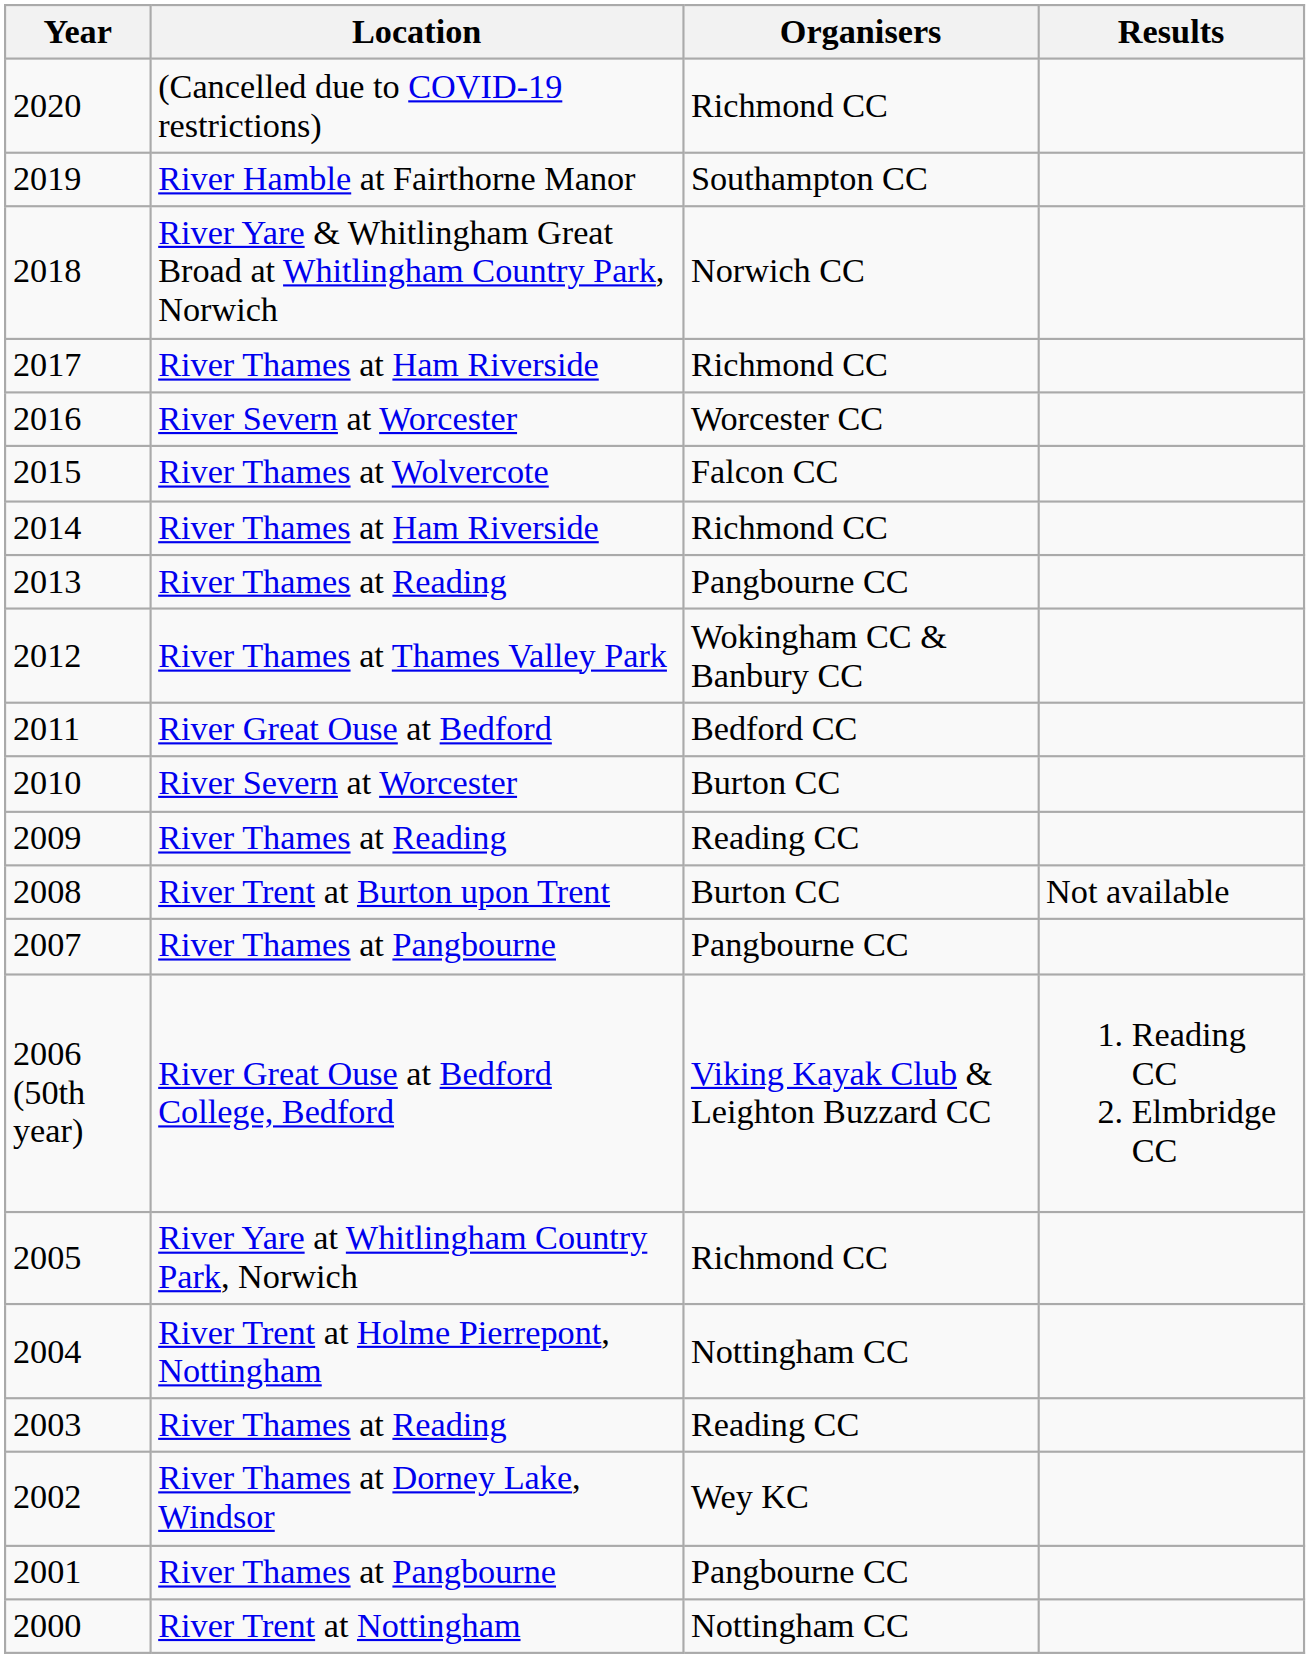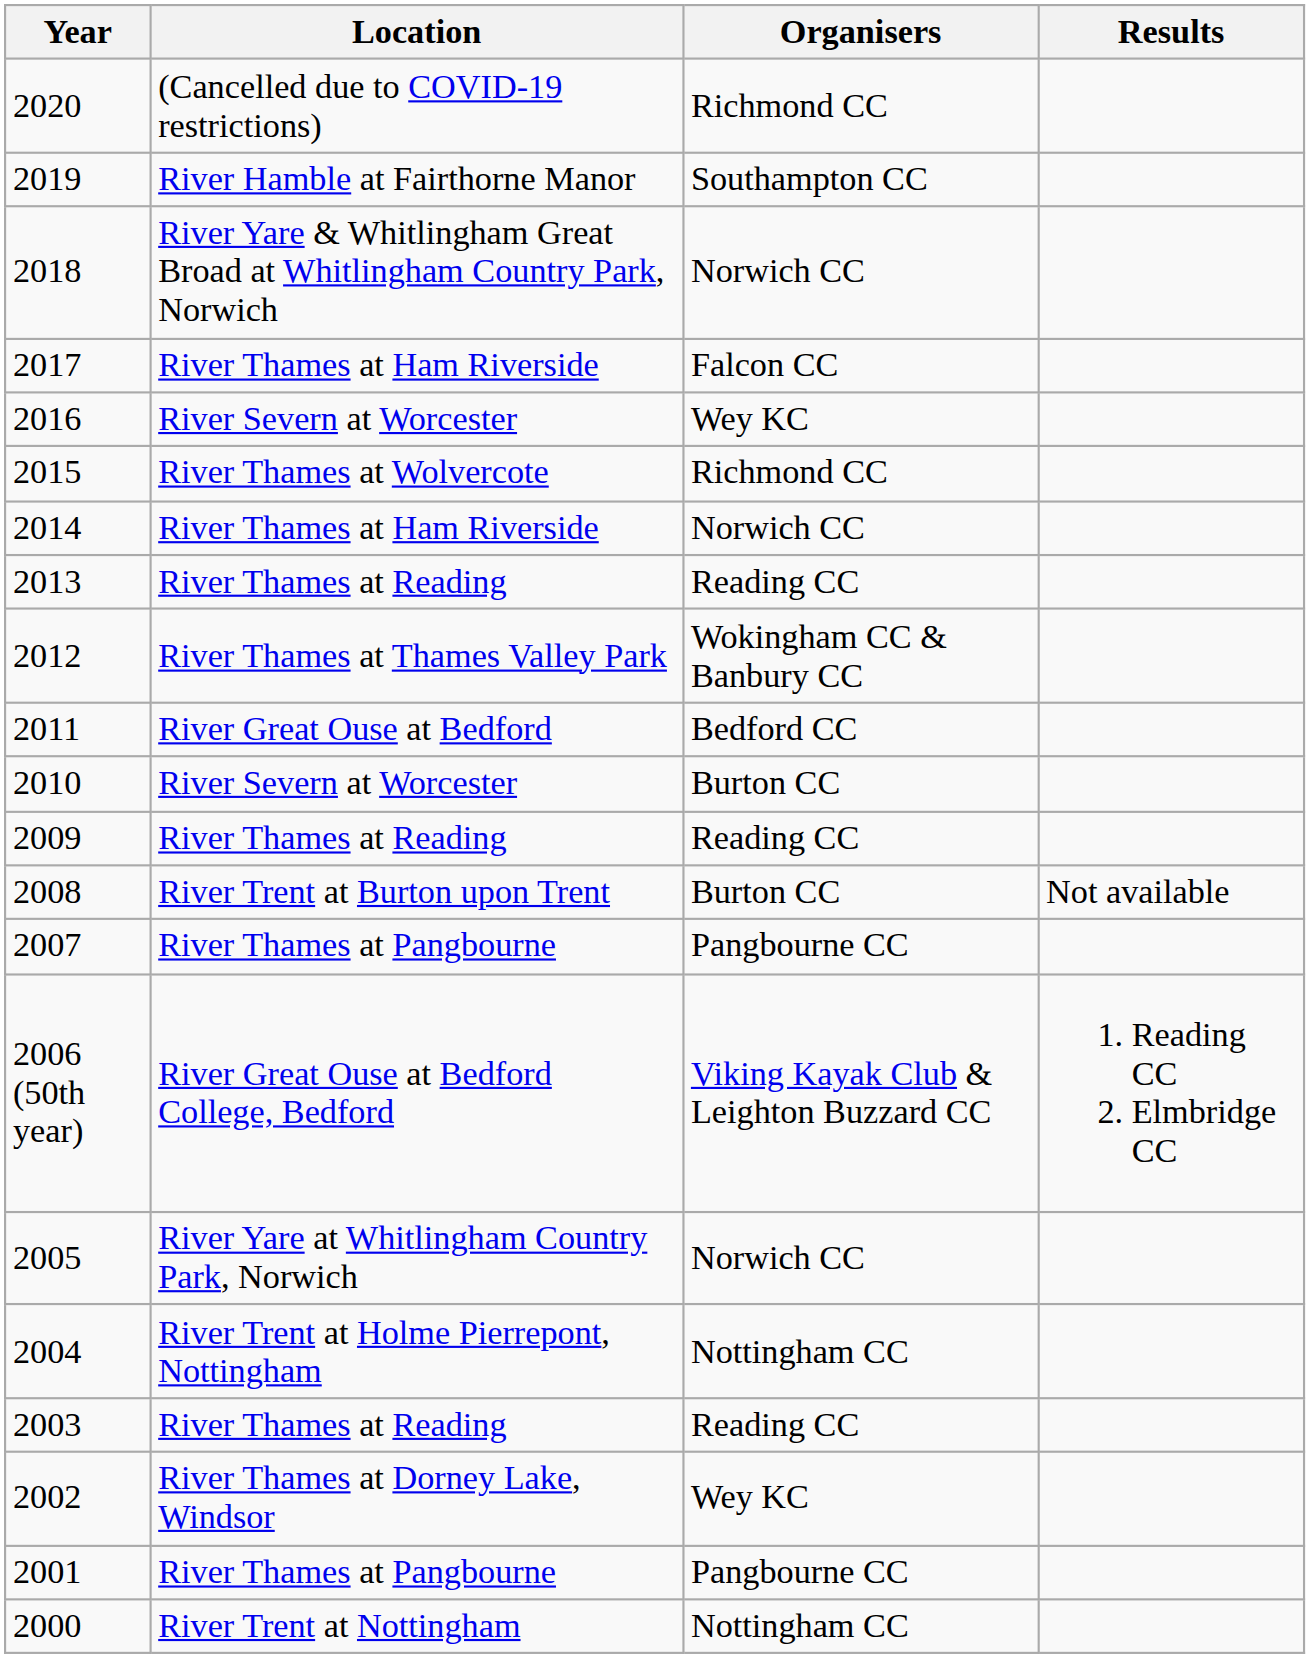 <table class="wikitable">
 <tr>
 <th>Year</th>
 <th>Location</th>
 <th>Organisers</th>
 <th>Results</th>
 </tr>
 <tr>
 <td>2020</td>
 <td>(Cancelled due to <a href='#'>COVID-19</a> restrictions)</td>
 <td>Richmond CC</td>
 <td></td>
 </tr>
 <tr>
 <td>2019</td>
 <td><a href='#'>River Hamble</a> at Fairthorne Manor</td>
 <td>Southampton CC</td>
 <td></td>
 </tr>
 <tr>
 <td>2018</td>
 <td><a href='#'>River Yare</a> & Whitlingham Great Broad at <a href='#'>Whitlingham Country Park</a>, Norwich</td>
 <td>Norwich CC</td>
 <td></td>
 </tr>
 <tr>
 <td>2017</td>
 <td><a href='#'>River Thames</a> at <a href='#'>Ham Riverside</a></td>
-<td>Richmond CC</td>
+<td>Falcon CC</td>
 <td></td>
 </tr>
 <tr>
 <td>2016</td>
 <td><a href='#'>River Severn</a> at <a href='#'>Worcester</a></td>
-<td>Worcester CC</td>
+<td>Wey KC</td>
 <td></td>
 </tr>
 <tr>
 <td>2015</td>
 <td><a href='#'>River Thames</a> at <a href='#'>Wolvercote</a></td>
-<td>Falcon CC</td>
+<td>Richmond CC</td>
 <td></td>
 </tr>
 <tr>
 <td>2014</td>
 <td><a href='#'>River Thames</a> at <a href='#'>Ham Riverside</a></td>
-<td>Richmond CC</td>
+<td>Norwich CC</td>
 <td></td>
 </tr>
 <tr>
 <td>2013</td>
 <td><a href='#'>River Thames</a> at <a href='#'>Reading</a></td>
-<td>Pangbourne CC</td>
+<td>Reading CC</td>
 <td></td>
 </tr>
 <tr>
 <td>2012</td>
 <td><a href='#'>River Thames</a> at <a href='#'>Thames Valley Park</a></td>
 <td>Wokingham CC & Banbury CC</td>
 <td></td>
 </tr>
 <tr>
 <td>2011</td>
 <td><a href='#'>River Great Ouse</a> at <a href='#'>Bedford</a></td>
 <td>Bedford CC</td>
 <td></td>
 </tr>
 <tr>
 <td>2010</td>
 <td><a href='#'>River Severn</a> at <a href='#'>Worcester</a></td>
 <td>Burton CC</td>
 <td></td>
 </tr>
 <tr>
 <td>2009</td>
 <td><a href='#'>River Thames</a> at <a href='#'>Reading</a></td>
 <td>Reading CC</td>
 <td></td>
 </tr>
 <tr>
 <td>2008</td>
 <td><a href='#'>River Trent</a> at <a href='#'>Burton upon Trent</a></td>
 <td>Burton CC</td>
 <td>Not available</td>
 </tr>
 <tr>
 <td>2007</td>
 <td><a href='#'>River Thames</a> at <a href='#'>Pangbourne</a></td>
 <td>Pangbourne CC</td>
 <td></td>
 </tr>
 <tr>
 <td>2006 (50th year)</td>
 <td><a href='#'>River Great Ouse</a> at <a href='#'>Bedford College, Bedford</a></td>
 <td><a href='#'>Viking Kayak Club</a> & Leighton Buzzard CC</td>
 <td><ol><li> Reading CC <li> Elmbridge CC</ol></td>
 </tr>
 <tr>
 <td>2005</td>
 <td><a href='#'>River Yare</a> at <a href='#'>Whitlingham Country Park</a>, Norwich</td>
-<td>Richmond CC</td>
+<td>Norwich CC</td>
 <td></td>
 </tr>
 <tr>
 <td>2004</td>
 <td><a href='#'>River Trent</a> at <a href='#'>Holme Pierrepont</a>, <a href='#'>Nottingham</a></td>
 <td>Nottingham CC</td>
 <td></td>
 </tr>
 <tr>
 <td>2003</td>
 <td><a href='#'>River Thames</a> at <a href='#'>Reading</a></td>
 <td>Reading CC</td>
 <td></td>
 </tr>
 <tr>
 <td>2002</td>
 <td><a href='#'>River Thames</a> at <a href='#'>Dorney Lake</a>, <a href='#'>Windsor</a></td>
 <td>Wey KC</td>
 <td></td>
 </tr>
 <tr>
 <td>2001</td>
 <td><a href='#'>River Thames</a> at <a href='#'>Pangbourne</a></td>
 <td>Pangbourne CC</td>
 <td></td>
 </tr>
 <tr>
 <td>2000</td>
 <td><a href='#'>River Trent</a> at <a href='#'>Nottingham</a></td>
 <td>Nottingham CC</td>
 <td></td>
 </tr>
 </table>
